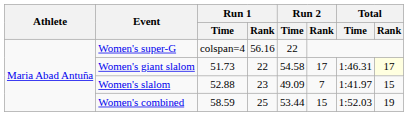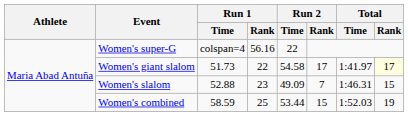 <table class="wikitable" style="font-size:90%">
 <tr>
 <th rowspan=2>Athlete</th>
 <th rowspan=2>Event</th>
 <th colspan=2>Run 1</th>
 <th colspan=2>Run 2</th>
 <th colspan=2>Total</th>
 </tr>
 <tr style="font-size:95%">
 <th>Time</th>
 <th>Rank</th>
 <th>Time</th>
 <th>Rank</th>
 <th>Time</th>
 <th>Rank</th>
 </tr>
 <tr align=center>
 <td align="left" rowspan="4"><a href='#'>Maria Abad Antuña</a></td>
 <td align="left"><a href='#'>Women's super-G</a></td>
 <td>colspan=4</td>
 <td>56.16</td>
 <td>22</td>
 </tr>
 <tr align=center>
 <td align="left"><a href='#'>Women's giant slalom</a></td>
 <td>51.73</td>
 <td>22</td>
 <td>54.58</td>
 <td>17</td>
-<td>1:46.31</td>
+<td>1:41.97</td>
 <td style="background: lightyellow;">17</td>
 </tr>
 <tr align=center>
 <td align="left"><a href='#'>Women's slalom</a></td>
 <td>52.88</td>
 <td>23</td>
 <td>49.09</td>
 <td>7</td>
-<td>1:41.97</td>
+<td>1:46.31</td>
 <td>15</td>
 </tr>
 <tr align=center>
 <td align="left"><a href='#'>Women's combined</a></td>
 <td>58.59</td>
 <td>25</td>
 <td>53.44</td>
 <td>15</td>
 <td>1:52.03</td>
 <td>19</td>
 </tr>
 </table>
